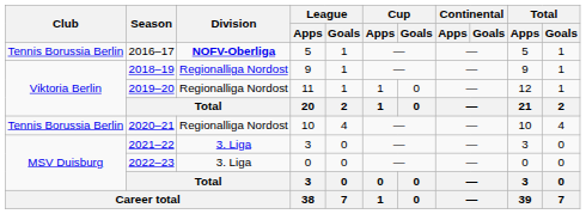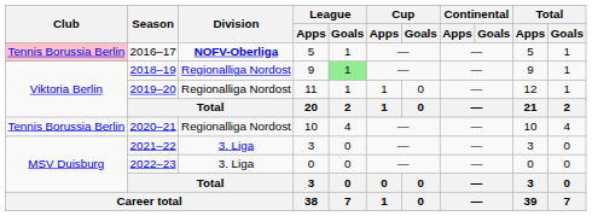 <table class="wikitable" style="text-align: center;">
 <tr>
 <th rowspan="2">Club</th>
 <th rowspan="2">Season</th>
 <th rowspan="2">Division</th>
 <th colspan="2">League</th>
 <th colspan="2">Cup</th>
 <th colspan="2">Continental</th>
 <th colspan="2">Total</th>
 </tr>
 <tr>
 <th>Apps</th>
 <th>Goals</th>
 <th>Apps</th>
 <th>Goals</th>
 <th>Apps</th>
 <th>Goals</th>
 <th>Apps</th>
 <th>Goals</th>
 </tr>
 <tr>
-<td><a href='#'>Tennis Borussia Berlin</a></td>
+<td style="background: pink;"><a href='#'>Tennis Borussia Berlin</a></td>
 <td>2016–17</td>
 <td><strong><a href='#'>NOFV-Oberliga</a></strong></td>
 <td>5</td>
 <td>1</td>
 <td colspan="2">—</td>
 <td colspan="2">—</td>
 <td>5</td>
 <td>1</td>
 </tr>
 <tr>
 <td rowspan=3><a href='#'>Viktoria Berlin</a></td>
 <td><a href='#'>2018–19</a></td>
 <td><a href='#'>Regionalliga Nordost</a></td>
 <td>9</td>
-<td>1</td>
+<td style="background: lightgreen;">1</td>
 <td colspan="2">—</td>
 <td colspan="2">—</td>
 <td>9</td>
 <td>1</td>
 </tr>
 <tr>
 <td><a href='#'>2019–20</a></td>
 <td>Regionalliga Nordost</td>
 <td>11</td>
 <td>1</td>
 <td>1</td>
 <td>0</td>
 <td colspan="2">—</td>
 <td>12</td>
 <td>1</td>
 </tr>
 <tr>
 <th colspan="2">Total</th>
 <th>20</th>
 <th>2</th>
 <th>1</th>
 <th>0</th>
 <th colspan=2>—</th>
 <th>21</th>
 <th>2</th>
 </tr>
 <tr>
 <td><a href='#'>Tennis Borussia Berlin</a></td>
 <td><a href='#'>2020–21</a></td>
 <td>Regionalliga Nordost</td>
 <td>10</td>
 <td>4</td>
 <td colspan="2">—</td>
 <td colspan="2">—</td>
 <td>10</td>
 <td>4</td>
 </tr>
 <tr>
 <td rowspan=3><a href='#'>MSV Duisburg</a></td>
 <td><a href='#'>2021–22</a></td>
 <td><a href='#'>3. Liga</a></td>
 <td>3</td>
 <td>0</td>
 <td colspan="2">—</td>
 <td colspan="2">—</td>
 <td>3</td>
 <td>0</td>
 </tr>
 <tr>
 <td><a href='#'>2022–23</a></td>
 <td>3. Liga</td>
 <td>0</td>
 <td>0</td>
 <td colspan="2">—</td>
 <td colspan="2">—</td>
 <td>0</td>
 <td>0</td>
 </tr>
 <tr>
 <th colspan="2">Total</th>
 <th>3</th>
 <th>0</th>
 <th>0</th>
 <th>0</th>
 <th colspan="2">—</th>
 <th>3</th>
 <th>0</th>
 </tr>
 <tr>
 <th colspan="3">Career total</th>
 <th>38</th>
 <th>7</th>
 <th>1</th>
 <th>0</th>
 <th colspan=2>—</th>
 <th>39</th>
 <th>7</th>
 </tr>
 </table>
